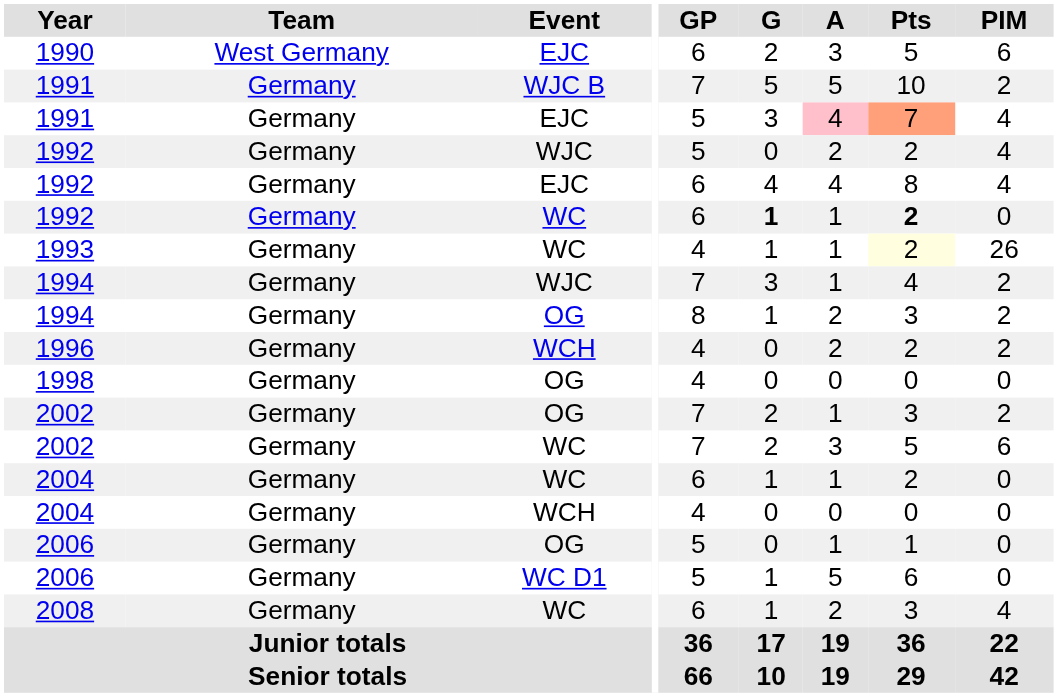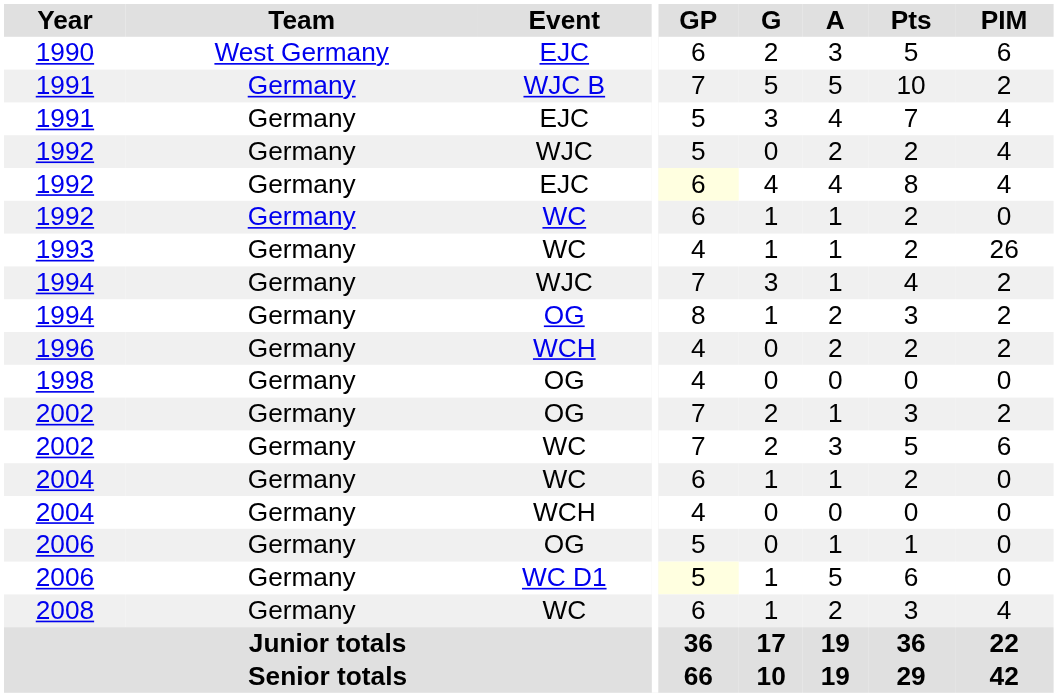 <table border="0" cellpadding="1" cellspacing="0" ID="Table3" style="text-align:center; width:40em">
 <tr ALIGN="center" bgcolor="#e0e0e0">
 <th>Year</th>
 <th>Team</th>
 <th>Event</th>
 <th rowspan="99" bgcolor="#ffffff"></th>
 <th>GP</th>
 <th>G</th>
 <th>A</th>
 <th>Pts</th>
 <th>PIM</th>
 </tr>
 <tr>
 <td><a href='#'>1990</a></td>
 <td><a href='#'>West Germany</a></td>
 <td><a href='#'>EJC</a></td>
 <td>6</td>
 <td>2</td>
 <td>3</td>
 <td>5</td>
 <td>6</td>
 </tr>
 <tr bgcolor="#f0f0f0">
 <td><a href='#'>1991</a></td>
 <td><a href='#'>Germany</a></td>
 <td><a href='#'>WJC B</a></td>
 <td>7</td>
 <td>5</td>
 <td>5</td>
 <td>10</td>
 <td>2</td>
 </tr>
 <tr>
 <td><a href='#'>1991</a></td>
 <td>Germany</td>
 <td>EJC</td>
 <td>5</td>
 <td>3</td>
-<td style="background: pink;">4</td>
-<td style="background: lightsalmon;">7</td>
+<td>4</td>
+<td>7</td>
 <td>4</td>
 </tr>
 <tr bgcolor="#f0f0f0">
 <td><a href='#'>1992</a></td>
 <td>Germany</td>
 <td>WJC</td>
 <td>5</td>
 <td>0</td>
 <td>2</td>
 <td>2</td>
 <td>4</td>
 </tr>
 <tr>
 <td><a href='#'>1992</a></td>
 <td>Germany</td>
 <td>EJC</td>
-<td>6</td>
+<td style="background: lightyellow;">6</td>
 <td>4</td>
 <td>4</td>
 <td>8</td>
 <td>4</td>
 </tr>
 <tr bgcolor="#f0f0f0">
 <td><a href='#'>1992</a></td>
 <td><a href='#'>Germany</a></td>
 <td><a href='#'>WC</a></td>
 <td>6</td>
-<td><strong>1</strong></td>
 <td>1</td>
-<td><strong>2</strong></td>
+<td>1</td>
+<td>2</td>
 <td>0</td>
 </tr>
 <tr>
 <td><a href='#'>1993</a></td>
 <td>Germany</td>
 <td>WC</td>
 <td>4</td>
 <td>1</td>
 <td>1</td>
-<td style="background: lightyellow;">2</td>
+<td>2</td>
 <td>26</td>
 </tr>
 <tr bgcolor="#f0f0f0">
 <td><a href='#'>1994</a></td>
 <td>Germany</td>
 <td>WJC</td>
 <td>7</td>
 <td>3</td>
 <td>1</td>
 <td>4</td>
 <td>2</td>
 </tr>
 <tr>
 <td><a href='#'>1994</a></td>
 <td>Germany</td>
 <td><a href='#'>OG</a></td>
 <td>8</td>
 <td>1</td>
 <td>2</td>
 <td>3</td>
 <td>2</td>
 </tr>
 <tr bgcolor="#f0f0f0">
 <td><a href='#'>1996</a></td>
 <td>Germany</td>
 <td><a href='#'>WCH</a></td>
 <td>4</td>
 <td>0</td>
 <td>2</td>
 <td>2</td>
 <td>2</td>
 </tr>
 <tr>
 <td><a href='#'>1998</a></td>
 <td>Germany</td>
 <td>OG</td>
 <td>4</td>
 <td>0</td>
 <td>0</td>
 <td>0</td>
 <td>0</td>
 </tr>
 <tr bgcolor="#f0f0f0">
 <td><a href='#'>2002</a></td>
 <td>Germany</td>
 <td>OG</td>
 <td>7</td>
 <td>2</td>
 <td>1</td>
 <td>3</td>
 <td>2</td>
 </tr>
 <tr>
 <td><a href='#'>2002</a></td>
 <td>Germany</td>
 <td>WC</td>
 <td>7</td>
 <td>2</td>
 <td>3</td>
 <td>5</td>
 <td>6</td>
 </tr>
 <tr bgcolor="#f0f0f0">
 <td><a href='#'>2004</a></td>
 <td>Germany</td>
 <td>WC</td>
 <td>6</td>
 <td>1</td>
 <td>1</td>
 <td>2</td>
 <td>0</td>
 </tr>
 <tr>
 <td><a href='#'>2004</a></td>
 <td>Germany</td>
 <td>WCH</td>
 <td>4</td>
 <td>0</td>
 <td>0</td>
 <td>0</td>
 <td>0</td>
 </tr>
 <tr bgcolor="#f0f0f0">
 <td><a href='#'>2006</a></td>
 <td>Germany</td>
 <td>OG</td>
 <td>5</td>
 <td>0</td>
 <td>1</td>
 <td>1</td>
 <td>0</td>
 </tr>
 <tr>
 <td><a href='#'>2006</a></td>
 <td>Germany</td>
 <td><a href='#'>WC D1</a></td>
-<td>5</td>
+<td style="background: lightyellow;">5</td>
 <td>1</td>
 <td>5</td>
 <td>6</td>
 <td>0</td>
 </tr>
 <tr bgcolor="#f0f0f0">
 <td><a href='#'>2008</a></td>
 <td>Germany</td>
 <td>WC</td>
 <td>6</td>
 <td>1</td>
 <td>2</td>
 <td>3</td>
 <td>4</td>
 </tr>
 <tr bgcolor="#e0e0e0">
 <th colspan="3">Junior totals</th>
 <th>36</th>
 <th>17</th>
 <th>19</th>
 <th>36</th>
 <th>22</th>
 </tr>
 <tr bgcolor="#e0e0e0">
 <th colspan="3">Senior totals</th>
 <th>66</th>
 <th>10</th>
 <th>19</th>
 <th>29</th>
 <th>42</th>
 </tr>
 </table>
